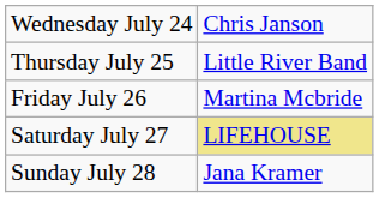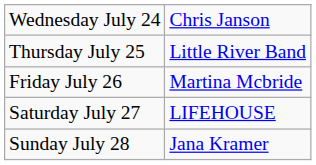 <table class="wikitable">
 <tr>
 <td>Wednesday July 24</td>
 <td><a href='#'>Chris Janson</a></td>
 </tr>
 <tr>
 <td>Thursday July 25</td>
 <td><a href='#'>Little River Band</a></td>
 </tr>
 <tr>
 <td>Friday July 26</td>
 <td><a href='#'>Martina Mcbride</a></td>
 </tr>
 <tr>
 <td>Saturday July 27</td>
-<td style="background: khaki;"><a href='#'>LIFEHOUSE</a></td>
+<td><a href='#'>LIFEHOUSE</a></td>
 </tr>
 <tr>
 <td>Sunday July 28</td>
 <td><a href='#'>Jana Kramer</a></td>
 </tr>
 </table>
